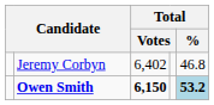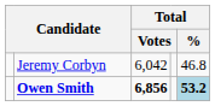 <table class="wikitable" style="font-size:95%;">
 <tr>
 <th colspan="2" scope="col" rowspan="2" width="125">Candidate</th>
 <th scope="col" colspan="3" width="75">Total</th>
 </tr>
 <tr>
 <th scope="col" colspan="2">Votes</th>
 <th>%</th>
 </tr>
 <tr align="right">
 <td style="background-color: "></td>
 <td scope="row" align="left"><a href='#'>Jeremy Corbyn</a></td>
-<td>6,402</td>
+<td>6,042</td>
 <td align=center></td>
 <td>46.8</td>
 </tr>
 <tr align="right">
 <td style="background-color: "></td>
 <td scope="row" align="left"><strong><a href='#'>Owen Smith</a></strong></td>
-<td><strong>6,150</strong></td>
+<td><strong>6,856</strong></td>
 <td align=center></td>
 <td style="background: lightblue;"><strong>53.2</strong></td>
 </tr>
 </table>
